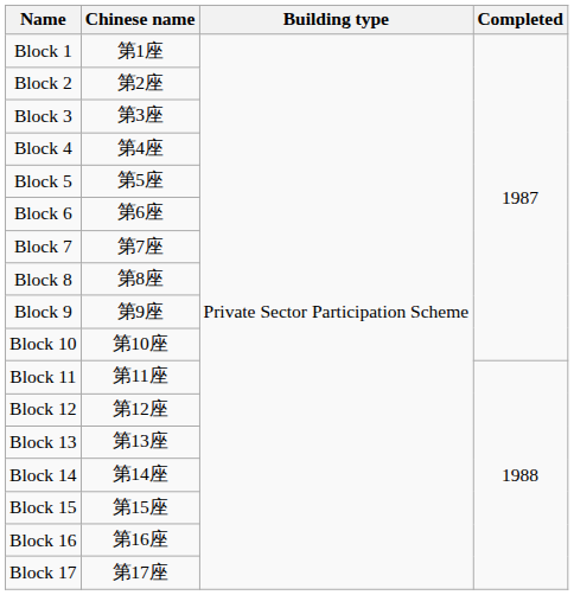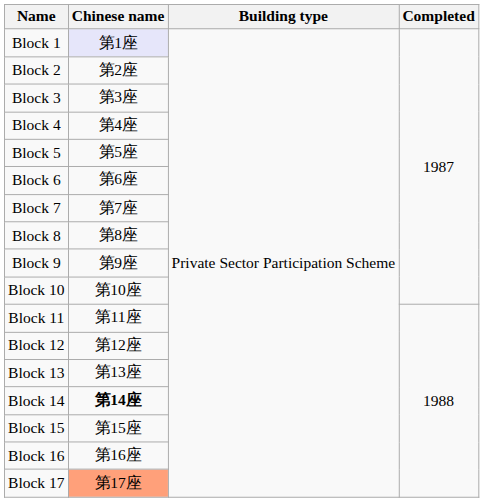 <table class="wikitable" style="text-align: center">
 <tr>
 <th>Name</th>
 <th>Chinese name</th>
 <th>Building type</th>
 <th>Completed</th>
 </tr>
 <tr>
 <td>Block 1</td>
-<td>第1座</td>
+<td style="background: lavender;">第1座</td>
 <td rowspan="17">Private Sector Participation Scheme</td>
 <td rowspan="10">1987</td>
 </tr>
 <tr>
 <td>Block 2</td>
 <td>第2座</td>
 </tr>
 <tr>
 <td>Block 3</td>
 <td>第3座</td>
 </tr>
 <tr>
 <td>Block 4</td>
 <td>第4座</td>
 </tr>
 <tr>
 <td>Block 5</td>
 <td>第5座</td>
 </tr>
 <tr>
 <td>Block 6</td>
 <td>第6座</td>
 </tr>
 <tr>
 <td>Block 7</td>
 <td>第7座</td>
 </tr>
 <tr>
 <td>Block 8</td>
 <td>第8座</td>
 </tr>
 <tr>
 <td>Block 9</td>
 <td>第9座</td>
 </tr>
 <tr>
 <td>Block 10</td>
 <td>第10座</td>
 </tr>
 <tr>
 <td>Block 11</td>
 <td>第11座</td>
 <td rowspan="7">1988</td>
 </tr>
 <tr>
 <td>Block 12</td>
 <td>第12座</td>
 </tr>
 <tr>
 <td>Block 13</td>
 <td>第13座</td>
 </tr>
 <tr>
 <td>Block 14</td>
-<td>第14座</td>
+<td><strong>第14座</strong></td>
 </tr>
 <tr>
 <td>Block 15</td>
 <td>第15座</td>
 </tr>
 <tr>
 <td>Block 16</td>
 <td>第16座</td>
 </tr>
 <tr>
 <td>Block 17</td>
-<td>第17座</td>
+<td style="background: lightsalmon;">第17座</td>
 </tr>
 </table>
